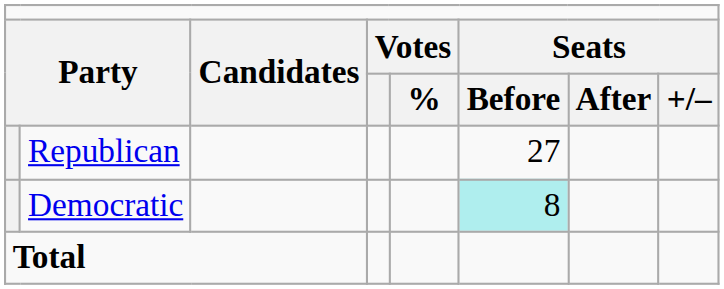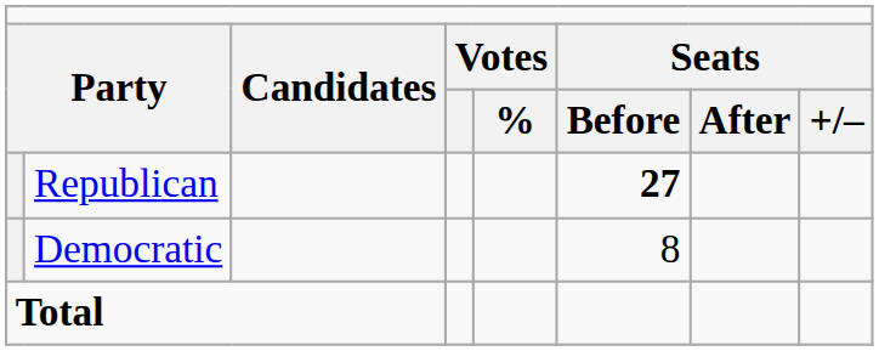 <table class="wikitable">
 <tr>
 <td colspan=13 align=center></td>
 </tr>
 <tr>
 <th rowspan="2" colspan="2">Party</th>
 <th rowspan="2">Candidates</th>
 <th colspan="2">Votes</th>
 <th colspan="3">Seats</th>
 </tr>
 <tr>
 <th></th>
 <th>%</th>
 <th>Before</th>
 <th>After</th>
 <th>+/–</th>
 </tr>
 <tr>
 <th style="background-color:"></th>
 <td><a href='#'>Republican</a></td>
 <td align="right"></td>
 <td align="right"></td>
 <td align="right"></td>
-<td align="right" >27</td>
+<td align="right" ><strong>27</strong></td>
 <td align="right"></td>
 <td align="right"></td>
 </tr>
 <tr>
 <th style="background-color:"></th>
 <td><a href='#'>Democratic</a></td>
 <td align="right"></td>
 <td align="right"></td>
 <td align="right"></td>
-<td align="right" style="background: paleturquoise;">8</td>
+<td align="right">8</td>
 <td align="right"></td>
 <td align="right"></td>
 </tr>
 <tr>
 <td colspan="3" align="left"><strong>Total</strong></td>
 <td align="right"></td>
 <td align="right"></td>
 <td align="right"></td>
 <td align="right"></td>
 <td align="right"></td>
 </tr>
 </table>
